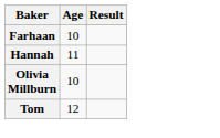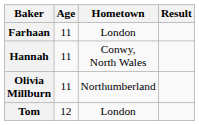 <table class="wikitable sortable" style="display:inline-table; text-align:center">
 <tr>
 <th scope="col">Baker</th>
 <th scope="col">Age</th>
+<th scope="col">Hometown</th>
 <th scope="col">Result</th>
 </tr>
 <tr>
 <th scope="row">Farhaan</th>
-<td>10</td>
+<td>11</td>
+<td>London</td>
 <td></td>
 </tr>
 <tr>
 <th scope="row">Hannah</th>
 <td>11</td>
+<td>Conwy,<br>North Wales</td>
 <td></td>
 </tr>
 <tr>
 <th scope="row">Olivia<br>Millburn</th>
-<td>10</td>
+<td>11</td>
+<td>Northumberland</td>
 <td></td>
 </tr>
 <tr>
 <th scope="row">Tom</th>
 <td>12</td>
+<td>London</td>
 <td></td>
 </tr>
 </table>
